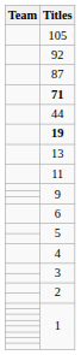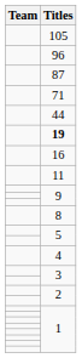 <table class="wikitable" style=text-align:center>
 <tr>
 <th>Team</th>
 <th>Titles</th>
 </tr>
 <tr>
 <td style=><strong></strong></td>
 <td>105</td>
 </tr>
 <tr>
 <td style=><strong></strong></td>
-<td>92</td>
+<td>96</td>
 </tr>
 <tr>
 <td style=><strong></strong></td>
 <td>87</td>
 </tr>
 <tr>
 <td style=><strong></strong></td>
-<td><strong>71</strong></td>
+<td>71</td>
 </tr>
 <tr>
 <td style=><strong></strong></td>
 <td>44</td>
 </tr>
 <tr>
 <td style=><em></em></td>
 <td><strong>19</strong></td>
 </tr>
 <tr>
 <td style=><em></em></td>
-<td>13</td>
+<td>16</td>
 </tr>
 <tr>
 <td style=><strong></strong></td>
 <td>11</td>
 </tr>
 <tr>
 <td style=><strong></strong></td>
 <td rowspan=3>9</td>
 </tr>
 <tr>
 <td style=><strong></strong></td>
 </tr>
 <tr>
 <td style=><em></em></td>
 </tr>
 <tr>
 <td style=><strong></strong></td>
-<td>6</td>
+<td>8</td>
 </tr>
 <tr>
 <td style=><em></em></td>
 <td rowspan=2>5</td>
 </tr>
 <tr>
 <td style=><strong></strong></td>
 </tr>
 <tr>
 <td style=><strong></strong></td>
 <td>4</td>
 </tr>
 <tr>
 <td style=><strong></strong></td>
 <td rowspan=2>3</td>
 </tr>
 <tr>
 <td style=><em></em></td>
 </tr>
 <tr>
 <td style=><em></em></td>
 <td rowspan=2>2</td>
 </tr>
 <tr>
 <td style=><strong></strong></td>
 </tr>
 <tr>
 <td style=><em></em></td>
 <td rowspan=8>1</td>
 </tr>
 <tr>
 <td style=><strong></strong></td>
 </tr>
 <tr>
 <td style=><em></em></td>
 </tr>
 <tr>
 <td style=><em></em></td>
 </tr>
 <tr>
 <td style=><em></em></td>
 </tr>
 <tr>
 <td style=><strong></strong></td>
 </tr>
 <tr>
 <td style=><em></em></td>
 </tr>
 <tr>
 <td style=><strong></strong></td>
 </tr>
 </table>
